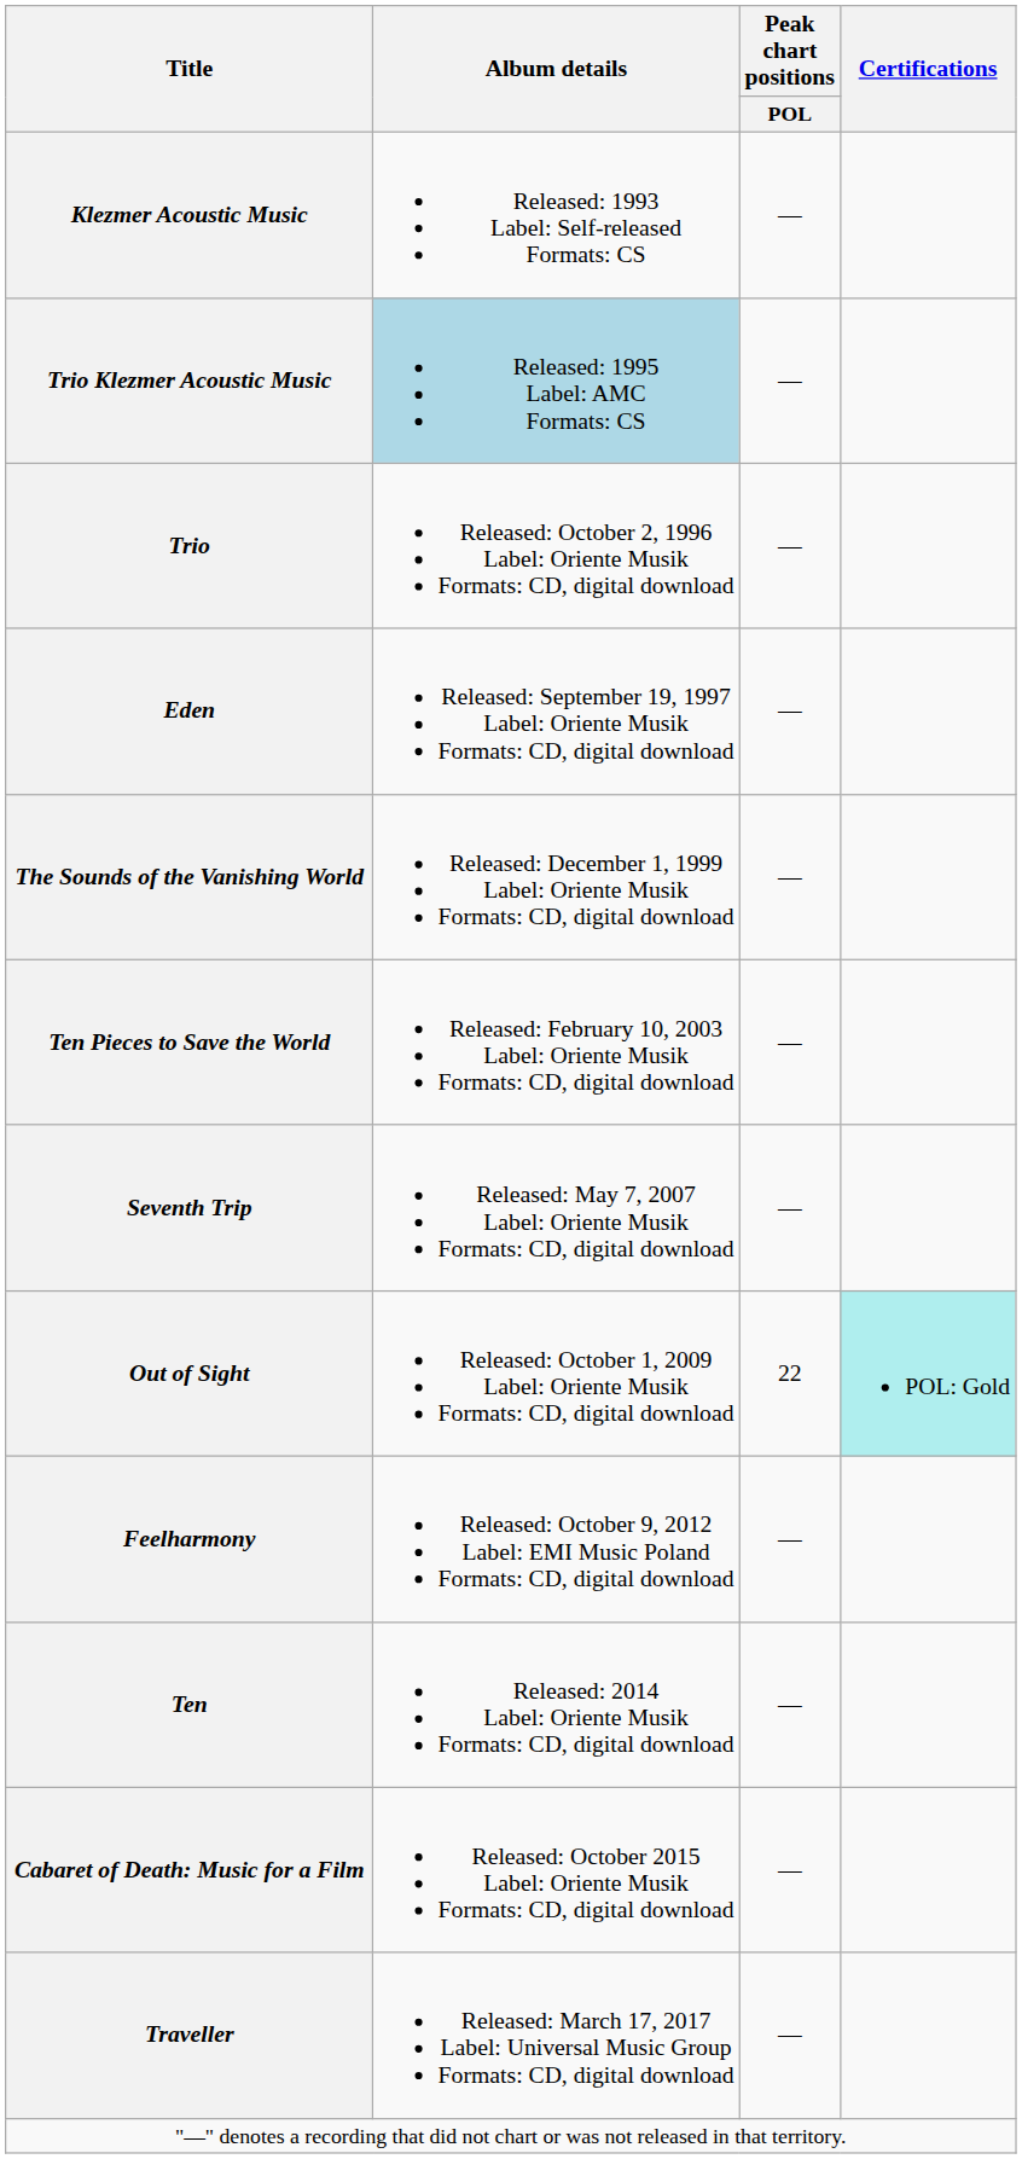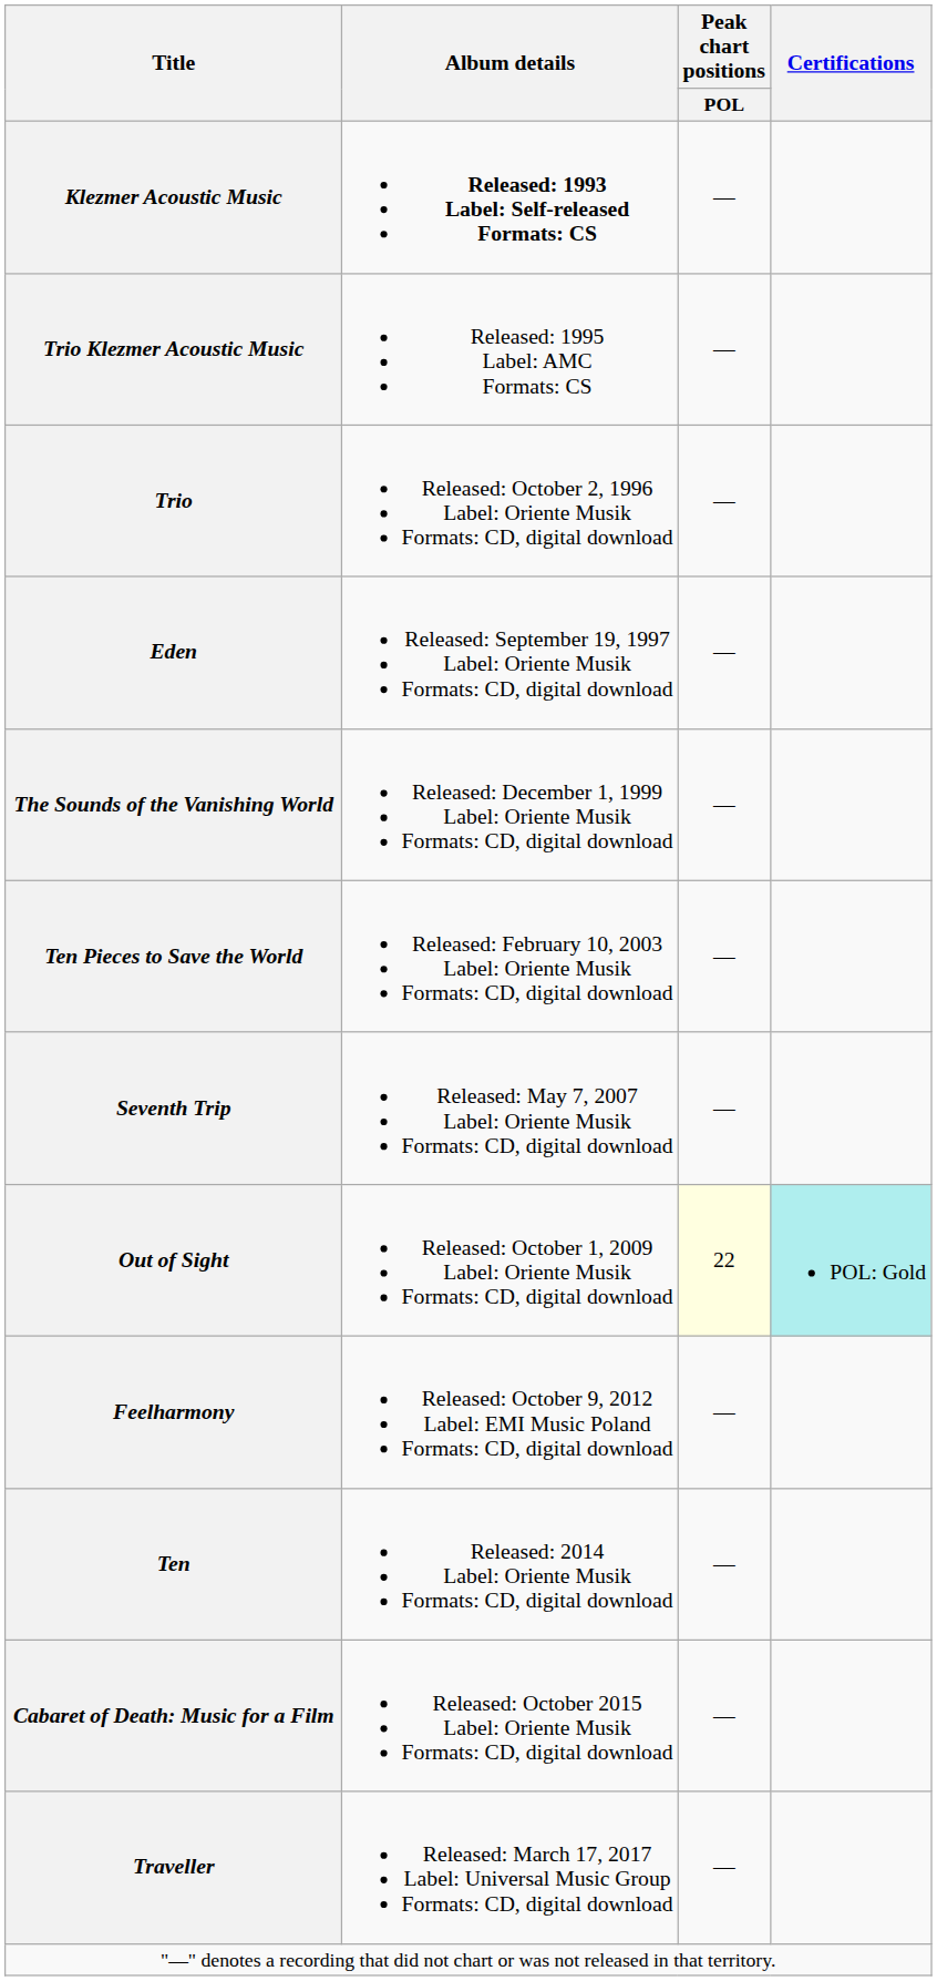 <table class="wikitable plainrowheaders" style="text-align:center;">
 <tr>
 <th scope="col" rowspan="2" style="width:15em;">Title</th>
 <th scope="col" rowspan="2">Album details</th>
 <th scope="col" colspan="1">Peak chart positions</th>
 <th scope="col" rowspan="2"><a href='#'>Certifications</a></th>
 </tr>
 <tr>
 <th scope="col" style="width:3em;font-size:90%;">POL<br></th>
 </tr>
 <tr>
 <th scope="row"><em>Klezmer Acoustic Music</em></th>
-<td><br><ul><li>Released: 1993</li><li>Label: Self-released</li><li>Formats: CS</li></ul></td>
+<td><strong><br><ul><li>Released: 1993</li><li>Label: Self-released</li><li>Formats: CS</li></ul></strong></td>
 <td>—</td>
 <td></td>
 </tr>
 <tr>
 <th scope="row"><em>Trio Klezmer Acoustic Music</em></th>
-<td style="background: lightblue;"><br><ul><li>Released: 1995</li><li>Label: AMC</li><li>Formats: CS</li></ul></td>
+<td><br><ul><li>Released: 1995</li><li>Label: AMC</li><li>Formats: CS</li></ul></td>
 <td>—</td>
 <td></td>
 </tr>
 <tr>
 <th scope="row"><em>Trio</em></th>
 <td><br><ul><li>Released: October 2, 1996</li><li>Label: Oriente Musik</li><li>Formats: CD, digital download</li></ul></td>
 <td>—</td>
 <td></td>
 </tr>
 <tr>
 <th scope="row"><em>Eden</em></th>
 <td><br><ul><li>Released: September 19, 1997</li><li>Label: Oriente Musik</li><li>Formats: CD, digital download</li></ul></td>
 <td>—</td>
 <td></td>
 </tr>
 <tr>
 <th scope="row"><em>The Sounds of the Vanishing World</em></th>
 <td><br><ul><li>Released: December 1, 1999</li><li>Label: Oriente Musik</li><li>Formats: CD, digital download</li></ul></td>
 <td>—</td>
 <td></td>
 </tr>
 <tr>
 <th scope="row"><em>Ten Pieces to Save the World</em></th>
 <td><br><ul><li>Released: February 10, 2003</li><li>Label: Oriente Musik</li><li>Formats: CD, digital download</li></ul></td>
 <td>—</td>
 <td></td>
 </tr>
 <tr>
 <th scope="row"><em>Seventh Trip</em></th>
 <td><br><ul><li>Released: May 7, 2007</li><li>Label: Oriente Musik</li><li>Formats: CD, digital download</li></ul></td>
 <td>—</td>
 <td></td>
 </tr>
 <tr>
 <th scope="row"><em>Out of Sight</em></th>
 <td><br><ul><li>Released: October 1, 2009</li><li>Label: Oriente Musik</li><li>Formats: CD, digital download</li></ul></td>
-<td>22</td>
+<td style="background: lightyellow;">22</td>
 <td style="background: paleturquoise;"><br><ul><li>POL: Gold</li></ul></td>
 </tr>
 <tr>
 <th scope="row"><em>Feelharmony</em></th>
 <td><br><ul><li>Released: October 9, 2012</li><li>Label: EMI Music Poland</li><li>Formats: CD, digital download</li></ul></td>
 <td>—</td>
 <td></td>
 </tr>
 <tr>
 <th scope="row"><em>Ten</em></th>
 <td><br><ul><li>Released: 2014</li><li>Label: Oriente Musik</li><li>Formats: CD, digital download</li></ul></td>
 <td>—</td>
 <td></td>
 </tr>
 <tr>
 <th scope="row"><em>Cabaret of Death: Music for a Film</em></th>
 <td><br><ul><li>Released: October 2015</li><li>Label: Oriente Musik</li><li>Formats: CD, digital download</li></ul></td>
 <td>—</td>
 <td></td>
 </tr>
 <tr>
 <th scope="row"><em>Traveller</em></th>
 <td><br><ul><li>Released: March 17, 2017</li><li>Label: Universal Music Group</li><li>Formats: CD, digital download</li></ul></td>
 <td>—</td>
 <td></td>
 </tr>
 <tr>
 <td colspan="20" style="font-size:90%">"—" denotes a recording that did not chart or was not released in that territory.</td>
 </tr>
 </table>
